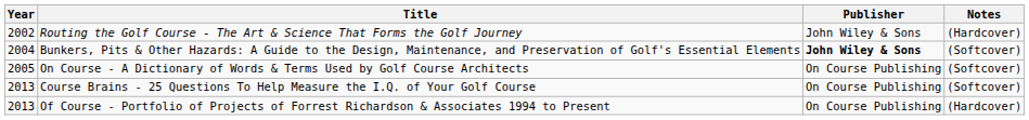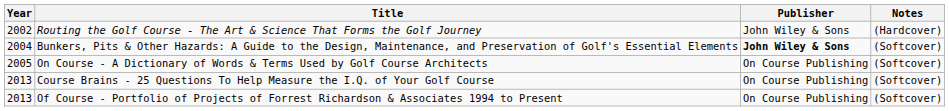 <table class="wikitable">
 <tr>
 <th>Year</th>
 <th>Title</th>
 <th>Publisher</th>
 <th>Notes</th>
 </tr>
 <tr>
 <td>2002</td>
 <td><em>Routing the Golf Course - The Art & Science That Forms the Golf Journey</td>
 <td>John Wiley & Sons</td>
 <td>(Hardcover)</td>
 </tr>
 <tr>
 <td>2004</td>
 <td></em>Bunkers, Pits & Other Hazards: A Guide to the Design, Maintenance, and Preservation of Golf's Essential Elements<em></td>
 <td><strong>John Wiley & Sons</strong></td>
 <td>(Softcover)</td>
 </tr>
 <tr>
 <td>2005</td>
 <td></em>On Course - A Dictionary of Words & Terms Used by Golf Course Architects<em></td>
 <td>On Course Publishing</td>
 <td>(Softcover)</td>
 </tr>
 <tr>
 <td>2013</td>
 <td></em>Course Brains - 25 Questions To Help Measure the I.Q. of Your Golf Course<em></td>
 <td>On Course Publishing</td>
 <td>(Softcover)</td>
 </tr>
 <tr>
 <td>2013</td>
 <td></em>Of Course - Portfolio of Projects of Forrest Richardson & Associates 1994 to Present<em></td>
 <td>On Course Publishing</td>
-<td>(Hardcover)</td>
+<td>(Softcover)</td>
 </tr>
 </table>
